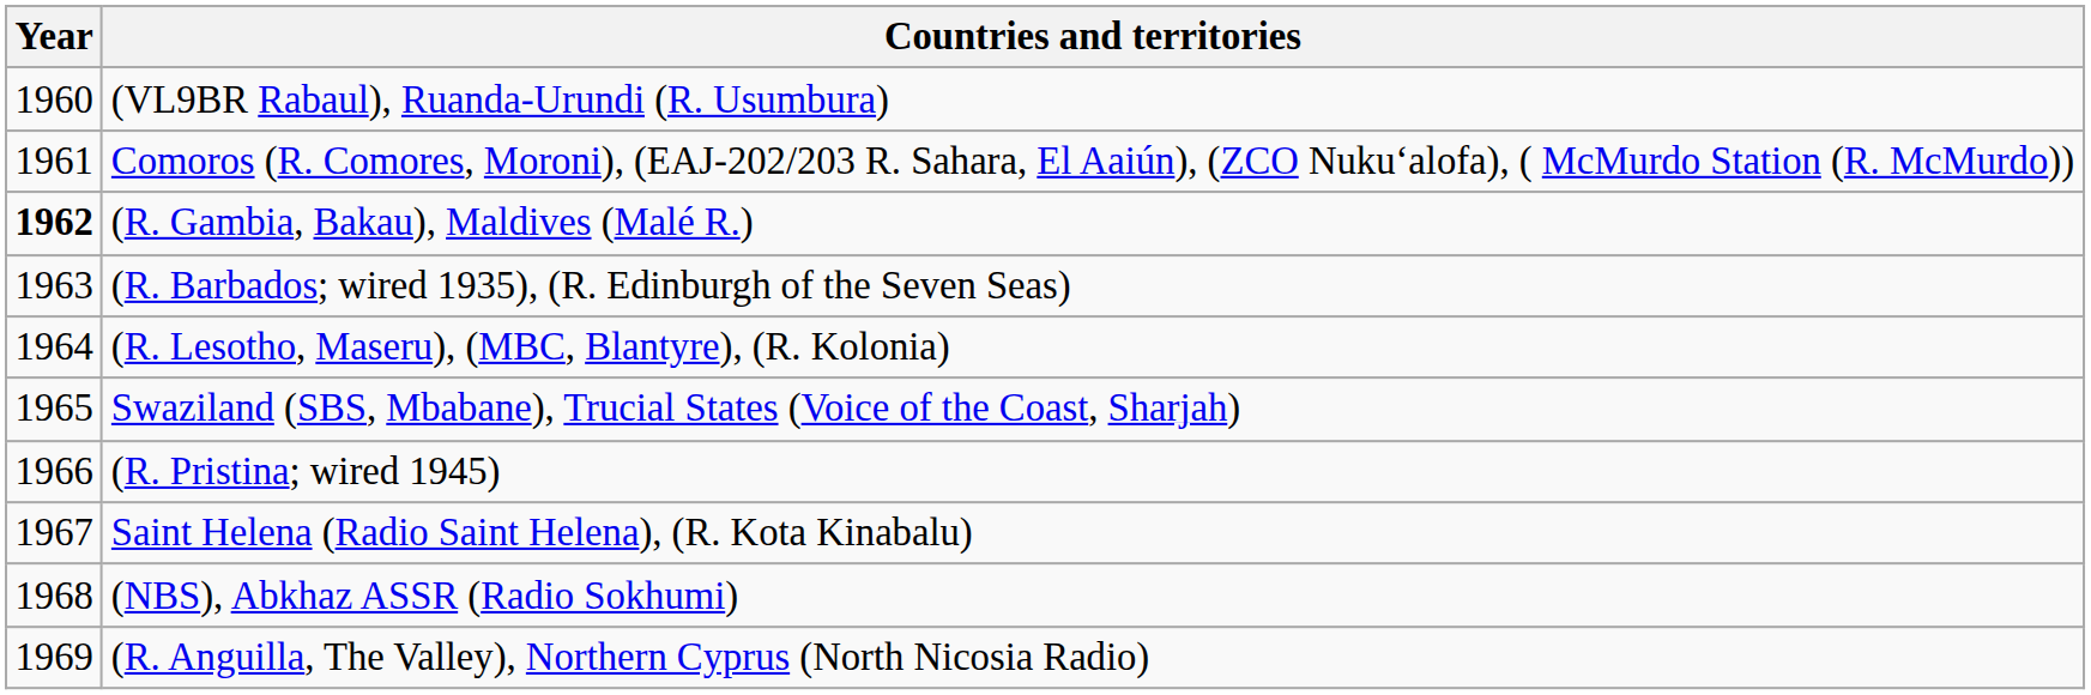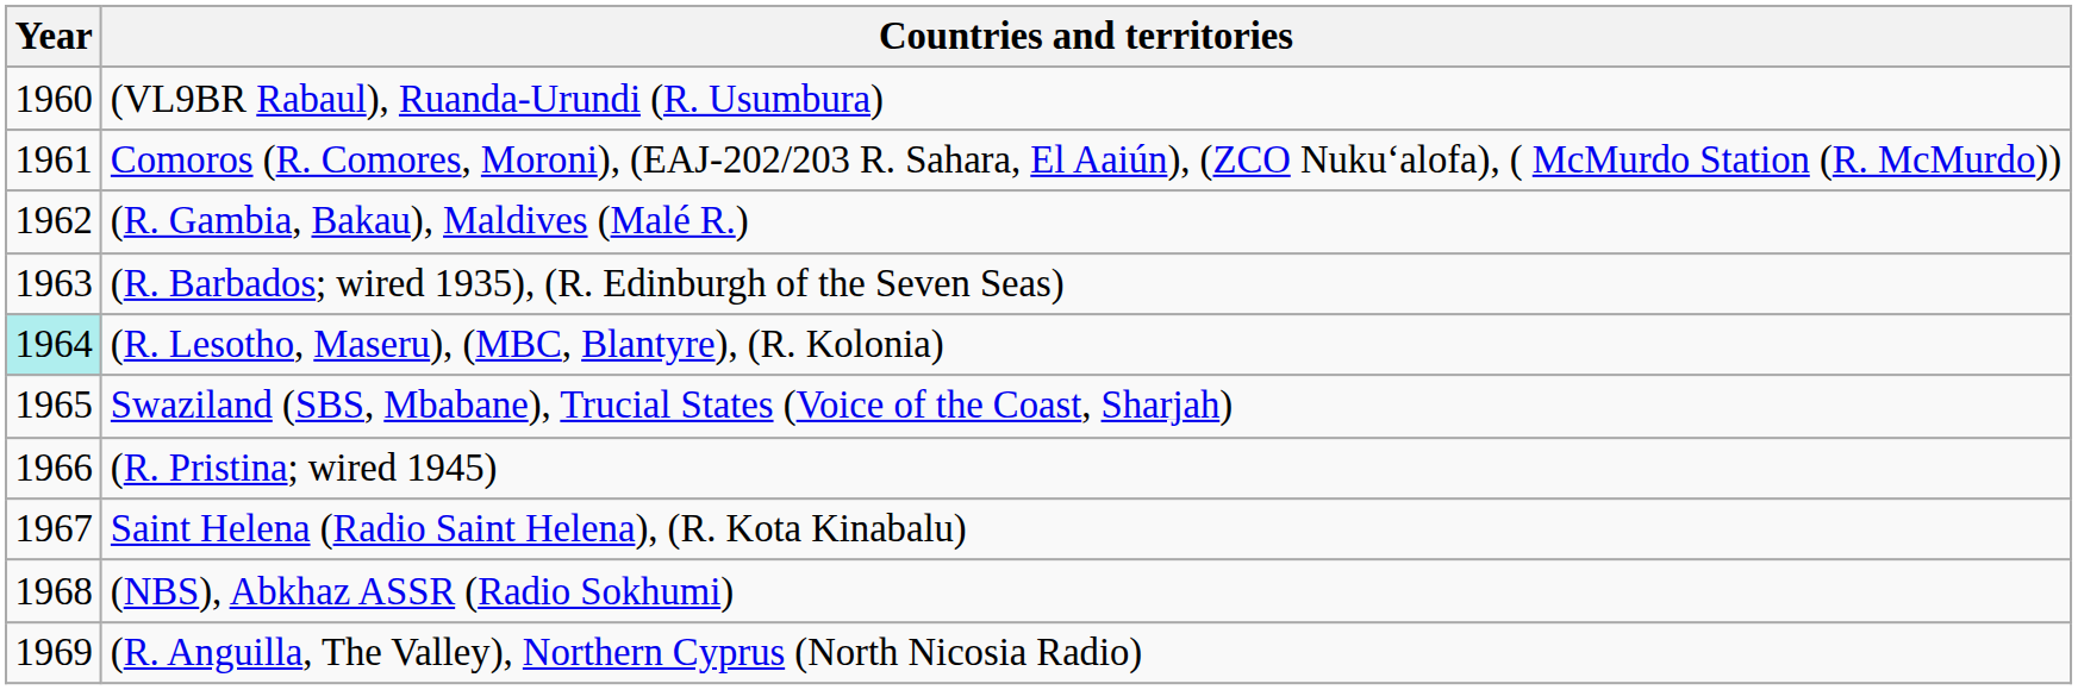 <table class="wikitable">
 <tr>
 <th>Year</th>
 <th>Countries and territories</th>
 </tr>
 <tr>
 <td>1960</td>
 <td> (VL9BR <a href='#'>Rabaul</a>),  <a href='#'>Ruanda-Urundi</a> (<a href='#'>R. Usumbura</a>)</td>
 </tr>
 <tr>
 <td>1961</td>
 <td> <a href='#'>Comoros</a> (<a href='#'>R. Comores</a>, <a href='#'>Moroni</a>),  (EAJ-202/203 R. Sahara, <a href='#'>El Aaiún</a>),  (<a href='#'>ZCO</a> Nukuʻalofa),  ( <a href='#'>McMurdo Station</a> (<a href='#'>R. McMurdo</a>))</td>
 </tr>
 <tr>
-<td><strong>1962</strong></td>
+<td>1962</td>
 <td> (<a href='#'>R. Gambia</a>, <a href='#'>Bakau</a>),  <a href='#'>Maldives</a> (<a href='#'>Malé R.</a>)</td>
 </tr>
 <tr>
 <td>1963</td>
 <td> (<a href='#'>R. Barbados</a>; wired 1935),  (R. Edinburgh of the Seven Seas)</td>
 </tr>
 <tr>
-<td>1964</td>
+<td style="background: paleturquoise;">1964</td>
 <td> (<a href='#'>R. Lesotho</a>, <a href='#'>Maseru</a>),  (<a href='#'>MBC</a>, <a href='#'>Blantyre</a>),  (R. Kolonia)</td>
 </tr>
 <tr>
 <td>1965</td>
 <td> <a href='#'>Swaziland</a> (<a href='#'>SBS</a>, <a href='#'>Mbabane</a>),  <a href='#'>Trucial States</a> (<a href='#'>Voice of the Coast</a>, <a href='#'>Sharjah</a>)</td>
 </tr>
 <tr>
 <td>1966</td>
 <td> (<a href='#'>R. Pristina</a>; wired 1945)</td>
 </tr>
 <tr>
 <td>1967</td>
 <td> <a href='#'>Saint Helena</a> (<a href='#'>Radio Saint Helena</a>),  (R. Kota Kinabalu)</td>
 </tr>
 <tr>
 <td>1968</td>
 <td> (<a href='#'>NBS</a>),  <a href='#'>Abkhaz ASSR</a> (<a href='#'>Radio Sokhumi</a>)</td>
 </tr>
 <tr>
 <td>1969</td>
 <td> (<a href='#'>R. Anguilla</a>, The Valley),  <a href='#'>Northern Cyprus</a> (North Nicosia Radio)</td>
 </tr>
 </table>
